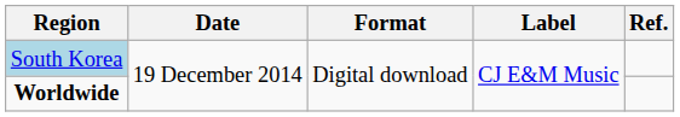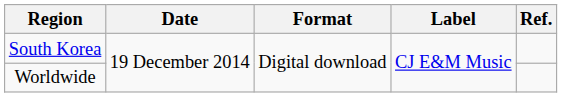 <table class="wikitable">
 <tr>
 <th style="text-align:center;">Region</th>
 <th style="text-align:center;">Date</th>
 <th style="text-align:center;">Format</th>
 <th style="text-align:center;">Label</th>
 <th style="text-align:center;">Ref.</th>
 </tr>
 <tr>
-<td style="background: lightblue; text-align:center;"><a href='#'>South Korea</a></td>
+<td style="text-align:center;"><a href='#'>South Korea</a></td>
 <td style="text-align:center;" rowspan="2">19 December 2014</td>
 <td rowspan="2">Digital download</td>
 <td rowspan="2"><a href='#'>CJ E&M Music</a></td>
 <td></td>
 </tr>
 <tr>
-<td style="text-align:center;"><strong>Worldwide</strong></td>
+<td style="text-align:center;">Worldwide</td>
 <td style="text-align:center;"></td>
 </tr>
 </table>
